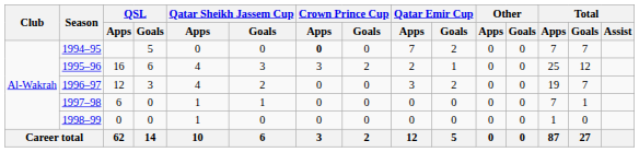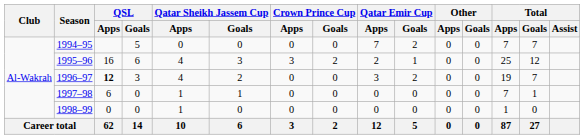 <table class="wikitable" style="text-align: center">
 <tr>
 <th rowspan="2">Club</th>
 <th rowspan="2">Season</th>
 <th colspan="2"><a href='#'>QSL</a></th>
 <th colspan="2"><a href='#'>Qatar Sheikh Jassem Cup</a></th>
 <th colspan="2"><a href='#'>Crown Prince Cup</a></th>
 <th colspan="2"><a href='#'>Qatar Emir Cup</a></th>
 <th colspan="2">Other</th>
 <th colspan="3">Total</th>
 </tr>
 <tr>
 <th>Apps</th>
 <th>Goals</th>
 <th>Apps</th>
 <th>Goals</th>
 <th>Apps</th>
 <th>Goals</th>
 <th>Apps</th>
 <th>Goals</th>
 <th>Apps</th>
 <th>Goals</th>
 <th>Apps</th>
 <th>Goals</th>
 <th>Assist</th>
 </tr>
 <tr>
 <td rowspan="5"><a href='#'>Al-Wakrah</a></td>
 <td><a href='#'>1994–95</a></td>
 <td></td>
 <td>5</td>
 <td>0</td>
 <td>0</td>
-<td><strong>0</strong></td>
+<td>0</td>
 <td>0</td>
 <td>7</td>
 <td>2</td>
 <td>0</td>
 <td>0</td>
 <td>7</td>
 <td>7</td>
 <td></td>
 </tr>
 <tr>
 <td><a href='#'>1995–96</a></td>
 <td>16</td>
 <td>6</td>
 <td>4</td>
 <td>3</td>
 <td>3</td>
 <td>2</td>
 <td>2</td>
 <td>1</td>
 <td>0</td>
 <td>0</td>
 <td>25</td>
 <td>12</td>
 <td></td>
 </tr>
 <tr>
 <td><a href='#'>1996–97</a></td>
-<td>12</td>
+<td><strong>12</strong></td>
 <td>3</td>
 <td>4</td>
 <td>2</td>
 <td>0</td>
 <td>0</td>
 <td>3</td>
 <td>2</td>
 <td>0</td>
 <td>0</td>
 <td>19</td>
 <td>7</td>
 <td></td>
 </tr>
 <tr>
 <td><a href='#'>1997–98</a></td>
 <td>6</td>
 <td>0</td>
 <td>1</td>
 <td>1</td>
 <td>0</td>
 <td>0</td>
 <td>0</td>
 <td>0</td>
 <td>0</td>
 <td>0</td>
 <td>7</td>
 <td>1</td>
 <td></td>
 </tr>
 <tr>
 <td><a href='#'>1998–99</a></td>
 <td>0</td>
 <td>0</td>
 <td>1</td>
 <td>0</td>
 <td>0</td>
 <td>0</td>
 <td>0</td>
 <td>0</td>
 <td>0</td>
 <td>0</td>
 <td>1</td>
 <td>0</td>
 <td></td>
 </tr>
 <tr>
 <th colspan="2">Career total</th>
 <th>62</th>
 <th>14</th>
 <th>10</th>
 <th>6</th>
 <th>3</th>
 <th>2</th>
 <th>12</th>
 <th>5</th>
 <th>0</th>
 <th>0</th>
 <th>87</th>
 <th>27</th>
 <th></th>
 </tr>
 </table>
